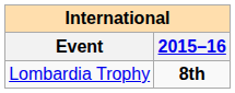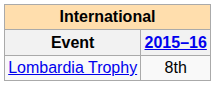 <table class="wikitable" style="text-align:center">
 <tr>
 <th style="background-color: #ffdead; " colspan=2 align=center>International</th>
 </tr>
 <tr>
 <th>Event</th>
 <th><a href='#'>2015–16</a></th>
 </tr>
 <tr>
 <td align=left><a href='#'>Lombardia Trophy</a></td>
-<td><strong>8th</strong></td>
+<td>8th</td>
 </tr>
 </table>
